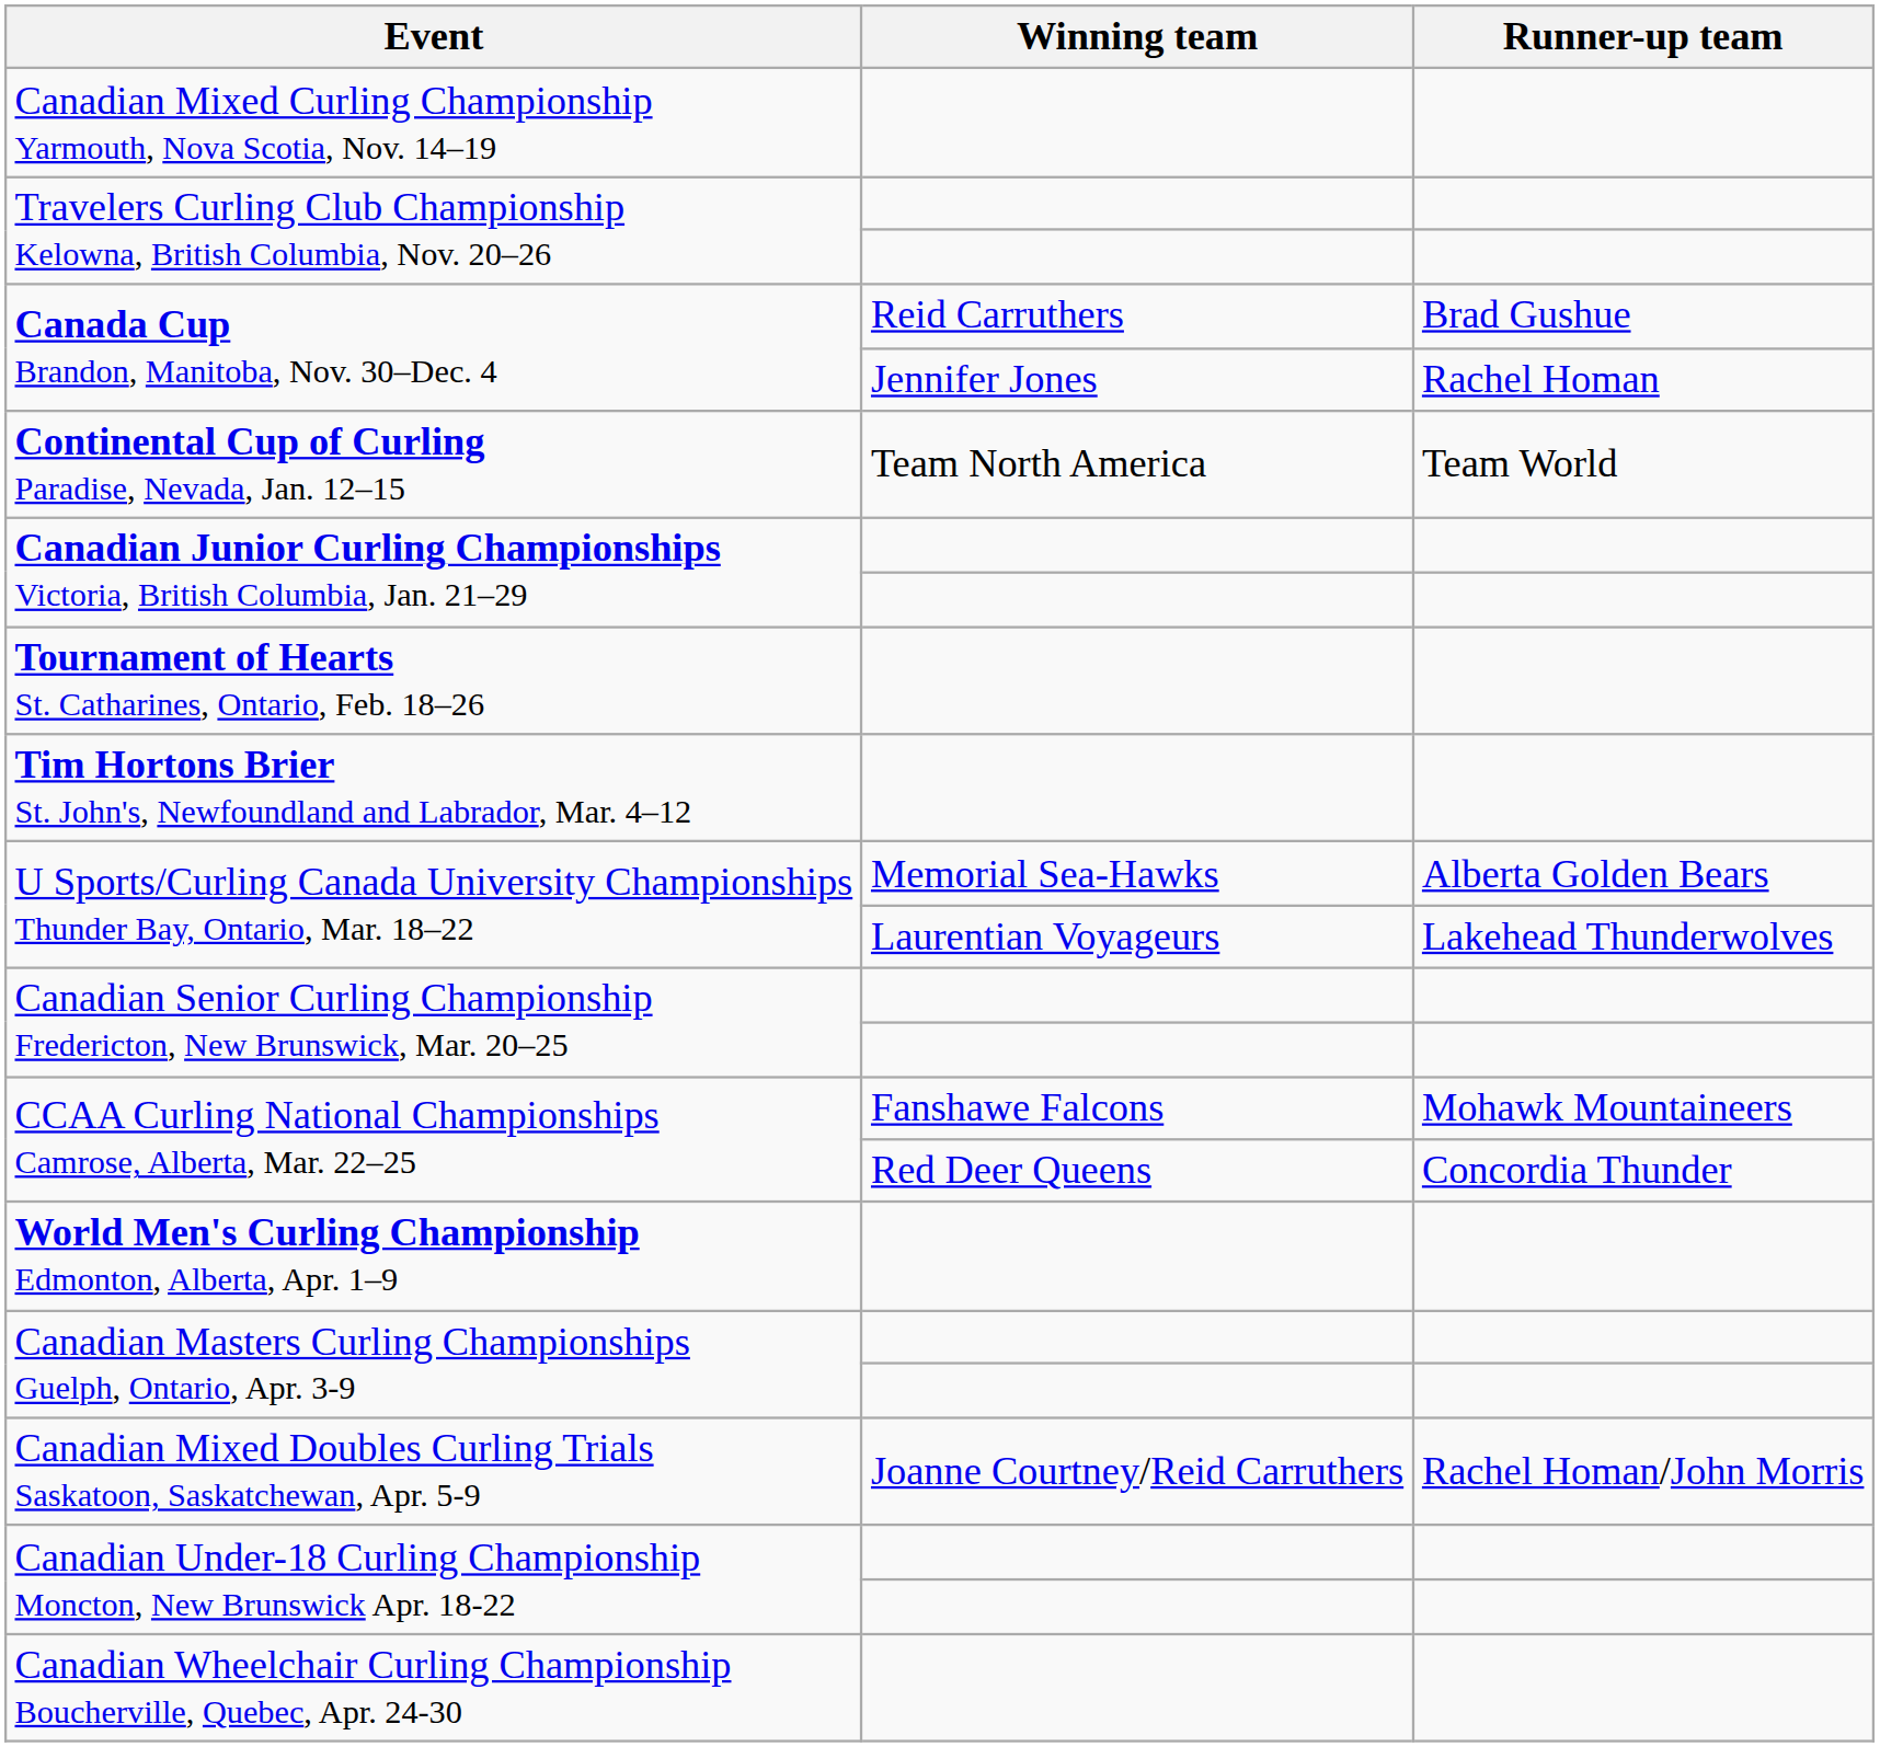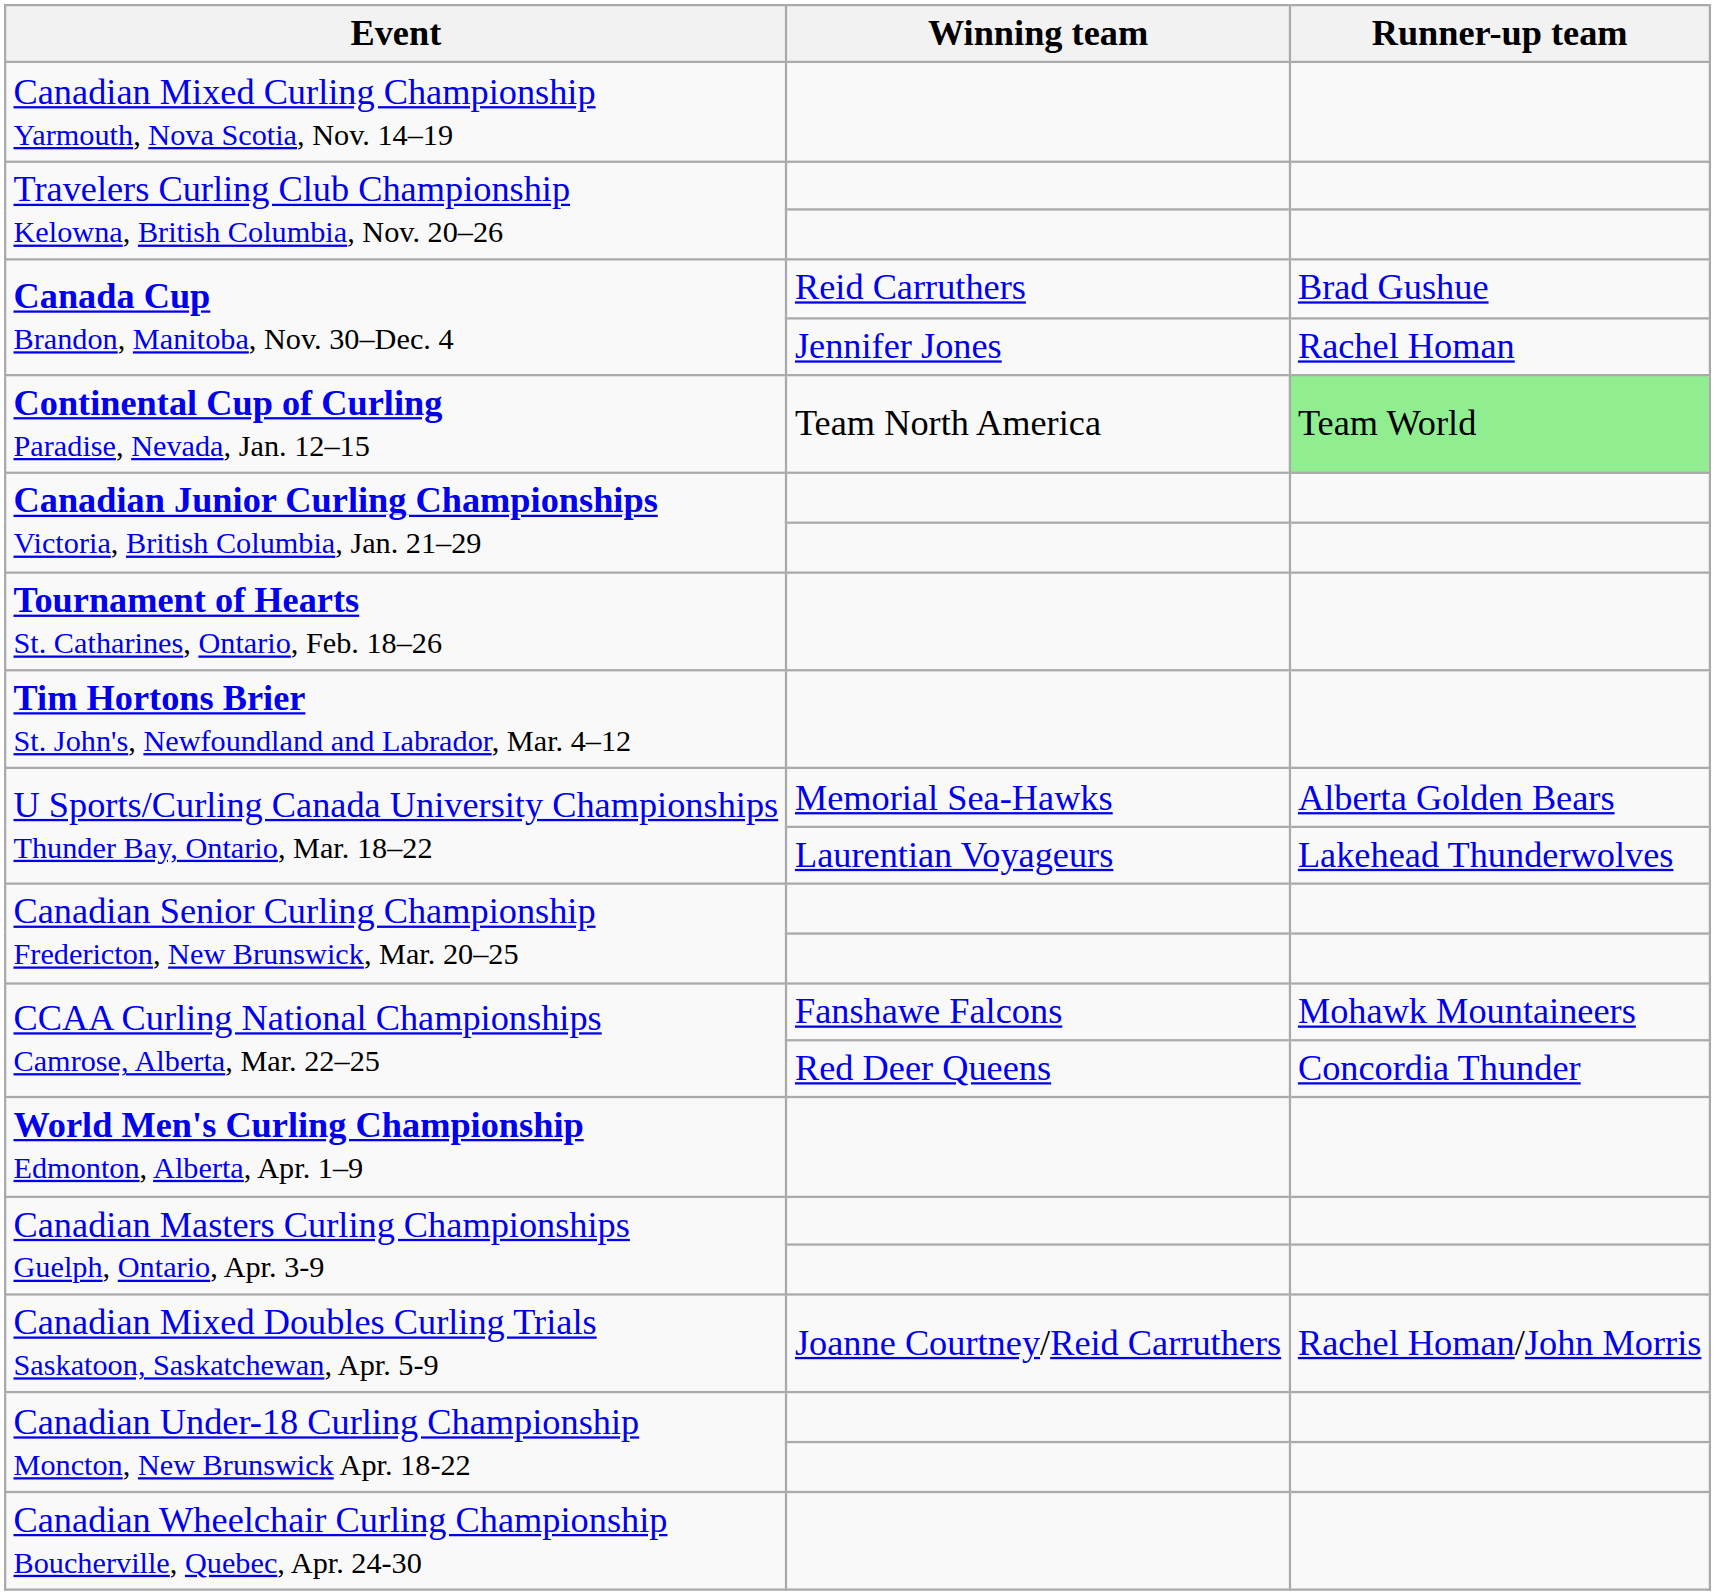 <table class="wikitable" style="white-space:nowrap;">
 <tr>
 <th>Event</th>
 <th colspan=2>Winning team</th>
 <th>Runner-up team</th>
 </tr>
 <tr>
 <td><a href='#'>Canadian Mixed Curling Championship</a> <br> <small><a href='#'>Yarmouth</a>, <a href='#'>Nova Scotia</a>, Nov. 14–19</small></td>
 <td colspan=2></td>
 <td></td>
 </tr>
 <tr>
 <td rowspan=2><a href='#'>Travelers Curling Club Championship</a> <br> <small><a href='#'>Kelowna</a>, <a href='#'>British Columbia</a>, Nov. 20–26</small></td>
 <td colspan=2></td>
 <td></td>
 </tr>
 <tr>
 <td colspan=2></td>
 <td></td>
 </tr>
 <tr>
 <td rowspan=2><strong><a href='#'>Canada Cup</a></strong> <br> <small><a href='#'>Brandon</a>, <a href='#'>Manitoba</a>, Nov. 30–Dec. 4</small></td>
 <td colspan=2> <a href='#'>Reid Carruthers</a></td>
 <td> <a href='#'>Brad Gushue</a></td>
 </tr>
 <tr>
 <td colspan=2> <a href='#'>Jennifer Jones</a></td>
 <td> <a href='#'>Rachel Homan</a></td>
 </tr>
 <tr>
 <td><strong><a href='#'>Continental Cup of Curling</a></strong> <br> <small><a href='#'>Paradise</a>, <a href='#'>Nevada</a>, Jan. 12–15</small></td>
 <td colspan=2> Team North America</td>
-<td> Team World</td>
+<td style="background: lightgreen;"> Team World</td>
 </tr>
 <tr>
 <td rowspan=2><strong><a href='#'>Canadian Junior Curling Championships</a></strong> <br> <small><a href='#'>Victoria</a>, <a href='#'>British Columbia</a>, Jan. 21–29</small></td>
 <td colspan=2></td>
 <td></td>
 </tr>
 <tr>
 <td colspan=2></td>
 <td></td>
 </tr>
 <tr>
 <td><strong><a href='#'>Tournament of Hearts</a></strong> <br> <small><a href='#'>St. Catharines</a>, <a href='#'>Ontario</a>, Feb. 18–26</small></td>
 <td colspan=2></td>
 <td></td>
 </tr>
 <tr>
 <td><strong><a href='#'>Tim Hortons Brier</a></strong> <br> <small><a href='#'>St. John's</a>, <a href='#'>Newfoundland and Labrador</a>, Mar. 4–12</small></td>
 <td colspan=2></td>
 <td></td>
 </tr>
 <tr>
 <td rowspan=2><a href='#'>U Sports/Curling Canada University Championships</a> <br> <small><a href='#'>Thunder Bay, Ontario</a>, Mar. 18–22</small></td>
 <td colspan=2> <a href='#'>Memorial Sea-Hawks</a></td>
 <td> <a href='#'>Alberta Golden Bears</a></td>
 </tr>
 <tr>
 <td colspan=2> <a href='#'>Laurentian Voyageurs</a></td>
 <td> <a href='#'>Lakehead Thunderwolves</a></td>
 </tr>
 <tr>
 <td rowspan=2><a href='#'>Canadian Senior Curling Championship</a> <br> <small><a href='#'>Fredericton</a>, <a href='#'>New Brunswick</a>, Mar. 20–25</small></td>
 <td colspan=2></td>
 <td></td>
 </tr>
 <tr>
 <td colspan=2></td>
 <td></td>
 </tr>
 <tr>
 <td rowspan=2><a href='#'>CCAA Curling National Championships</a> <br> <small><a href='#'>Camrose, Alberta</a>, Mar. 22–25</small></td>
 <td colspan=2><a href='#'>Fanshawe Falcons</a></td>
 <td> <a href='#'>Mohawk Mountaineers</a></td>
 </tr>
 <tr>
 <td colspan=2> <a href='#'>Red Deer Queens</a></td>
 <td> <a href='#'>Concordia Thunder</a></td>
 </tr>
 <tr>
 <td><strong><a href='#'>World Men's Curling Championship</a></strong> <br> <small><a href='#'>Edmonton</a>, <a href='#'>Alberta</a>, Apr. 1–9</small></td>
 <td colspan=2></td>
 <td></td>
 </tr>
 <tr>
 <td rowspan=2><a href='#'>Canadian Masters Curling Championships</a> <br> <small><a href='#'>Guelph</a>, <a href='#'>Ontario</a>, Apr. 3-9</small></td>
 <td colspan=2></td>
 <td></td>
 </tr>
 <tr>
 <td colspan=2></td>
 <td></td>
 </tr>
 <tr>
 <td><a href='#'>Canadian Mixed Doubles Curling Trials</a> <br>  <small><a href='#'>Saskatoon, Saskatchewan</a>, Apr. 5-9</small></td>
 <td colspan="2"> <a href='#'>Joanne Courtney</a>/<a href='#'>Reid Carruthers</a></td>
 <td> <a href='#'>Rachel Homan</a>/<a href='#'>John Morris</a></td>
 </tr>
 <tr>
 <td rowspan=2><a href='#'>Canadian Under-18 Curling Championship</a> <br> <small><a href='#'>Moncton</a>, <a href='#'>New Brunswick</a> Apr. 18-22 </small></td>
 <td colspan=2></td>
 <td></td>
 </tr>
 <tr>
 <td colspan=2></td>
 <td></td>
 </tr>
 <tr>
 <td><a href='#'>Canadian Wheelchair Curling Championship</a> <br> <small><a href='#'>Boucherville</a>, <a href='#'>Quebec</a>, Apr. 24-30</small></td>
 <td colspan=2></td>
 <td></td>
 </tr>
 </table>
